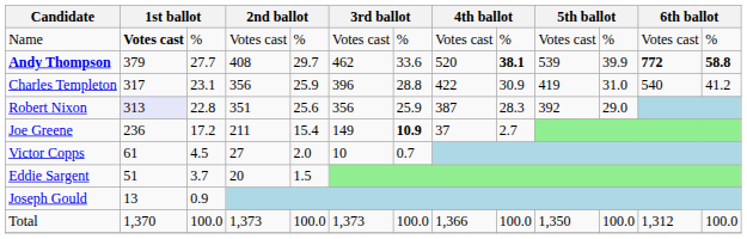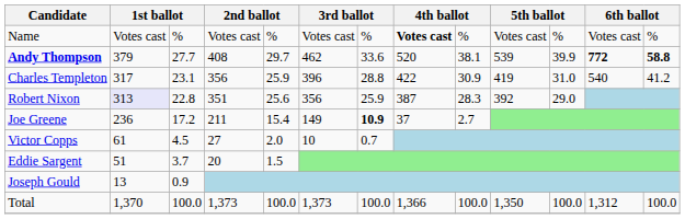 <table class="wikitable">
 <tr>
 <th colspan = "1">Candidate</th>
 <th colspan = "2">1st ballot</th>
 <th colspan = "2">2nd ballot</th>
 <th colspan = "2">3rd ballot</th>
 <th colspan = "2">4th ballot</th>
 <th colspan = "2">5th ballot</th>
 <th colspan = "2">6th ballot</th>
 </tr>
 <tr>
 <td>Name</td>
-<td><strong>Votes cast</strong></td>
+<td>Votes cast</td>
 <td>%</td>
 <td>Votes cast</td>
 <td>%</td>
 <td>Votes cast</td>
 <td>%</td>
-<td>Votes cast</td>
+<td><strong>Votes cast</strong></td>
 <td>%</td>
 <td>Votes cast</td>
 <td>%</td>
 <td>Votes cast</td>
 <td>%</td>
 </tr>
 <tr>
 <td><strong><a href='#'>Andy Thompson</a></strong></td>
 <td>379</td>
 <td>27.7</td>
 <td>408</td>
 <td>29.7</td>
 <td>462</td>
 <td>33.6</td>
 <td>520</td>
-<td><strong>38.1</strong></td>
+<td>38.1</td>
 <td>539</td>
 <td>39.9</td>
 <td><strong>772</strong></td>
 <td><strong>58.8</strong></td>
 </tr>
 <tr>
 <td><a href='#'>Charles Templeton</a></td>
 <td>317</td>
 <td>23.1</td>
 <td>356</td>
 <td>25.9</td>
 <td>396</td>
 <td>28.8</td>
 <td>422</td>
 <td>30.9</td>
 <td>419</td>
 <td>31.0</td>
 <td>540</td>
 <td>41.2</td>
 </tr>
 <tr>
 <td><a href='#'>Robert Nixon</a></td>
 <td style="background: lavender;">313</td>
 <td>22.8</td>
 <td>351</td>
 <td>25.6</td>
 <td>356</td>
 <td>25.9</td>
 <td>387</td>
 <td>28.3</td>
 <td>392</td>
 <td>29.0</td>
 <td style="text-align:left;background:lightblue" colspan = "2"></td>
 </tr>
 <tr>
 <td><a href='#'>Joe Greene</a></td>
 <td>236</td>
 <td>17.2</td>
 <td>211</td>
 <td>15.4</td>
 <td>149</td>
 <td><strong>10.9</strong></td>
 <td>37</td>
 <td>2.7</td>
 <td style="text-align:left;background:lightgreen" colspan = "4"></td>
 </tr>
 <tr>
 <td><a href='#'>Victor Copps</a></td>
 <td>61</td>
 <td>4.5</td>
 <td>27</td>
 <td>2.0</td>
 <td>10</td>
 <td>0.7</td>
 <td style="text-align:left;background:lightblue" colspan = "6"></td>
 </tr>
 <tr>
 <td><a href='#'>Eddie Sargent</a></td>
 <td>51</td>
 <td>3.7</td>
 <td>20</td>
 <td>1.5</td>
 <td style="text-align:left;background:lightgreen" colspan = "8"></td>
 </tr>
 <tr>
 <td><a href='#'>Joseph Gould</a></td>
 <td>13</td>
 <td>0.9</td>
 <td style="text-align:left;background:lightblue" colspan = "10"></td>
 </tr>
 <tr>
 <td>Total</td>
 <td>1,370</td>
 <td>100.0</td>
 <td>1,373</td>
 <td>100.0</td>
 <td>1,373</td>
 <td>100.0</td>
 <td>1,366</td>
 <td>100.0</td>
 <td>1,350</td>
 <td>100.0</td>
 <td>1,312</td>
 <td>100.0</td>
 </tr>
 <tr>
 </tr>
 </table>
